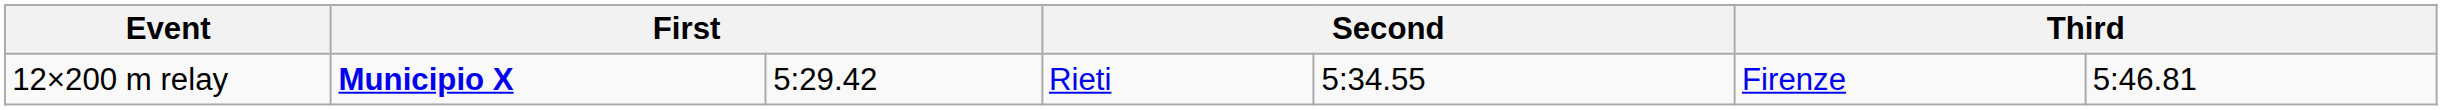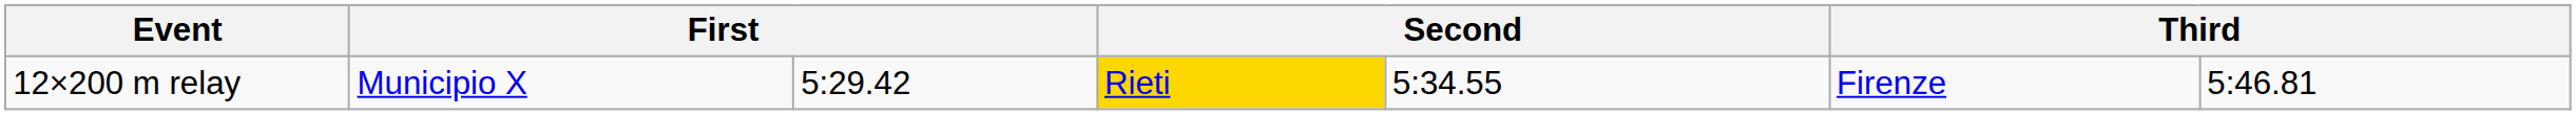 <table class=wikitable>
 <tr>
 <th style="width:10em">Event</th>
 <th colspan=2 style="width:26em">First</th>
 <th colspan=2 style="width:26em">Second</th>
 <th colspan=2 style="width:26em">Third</th>
 </tr>
 <tr>
 <td>12×200 m relay</td>
-<td><strong><a href='#'>Municipio X</a></strong></td>
+<td><a href='#'>Municipio X</a></td>
 <td>5:29.42</td>
-<td><a href='#'>Rieti</a></td>
+<td style="background: gold;"><a href='#'>Rieti</a></td>
 <td>5:34.55</td>
 <td><a href='#'>Firenze</a></td>
 <td>5:46.81</td>
 </tr>
 </table>
